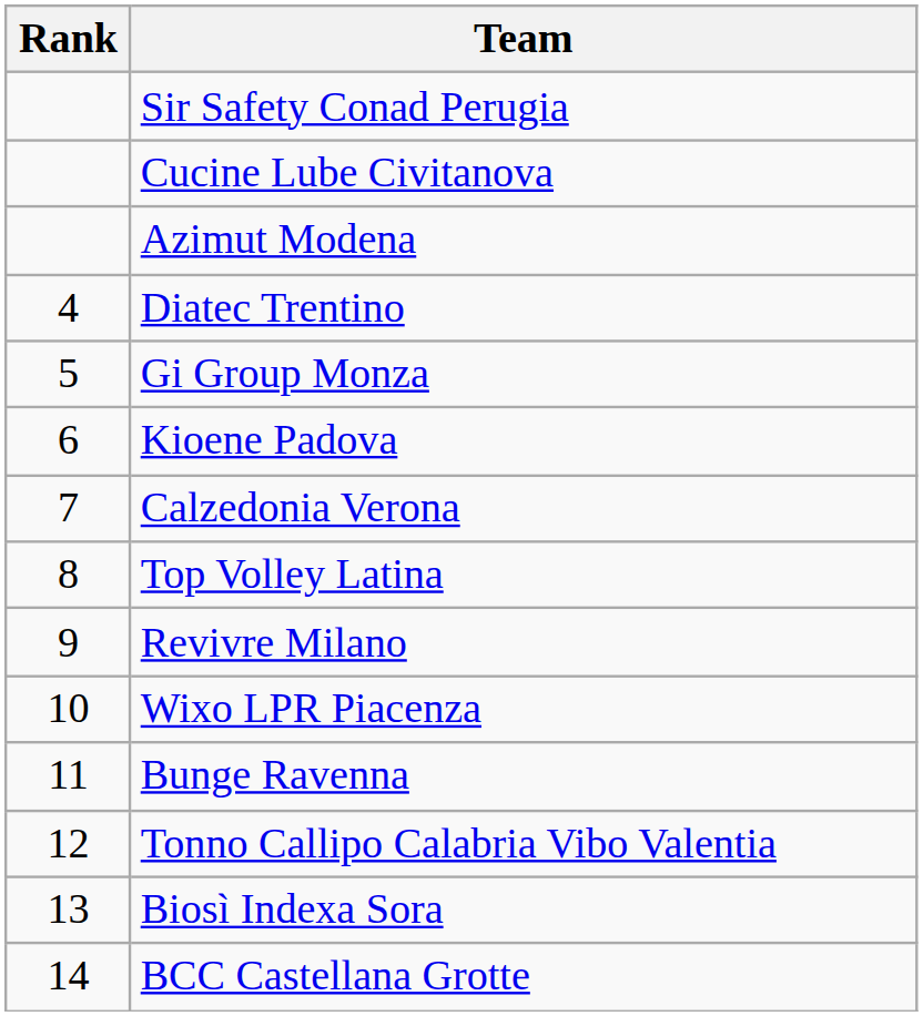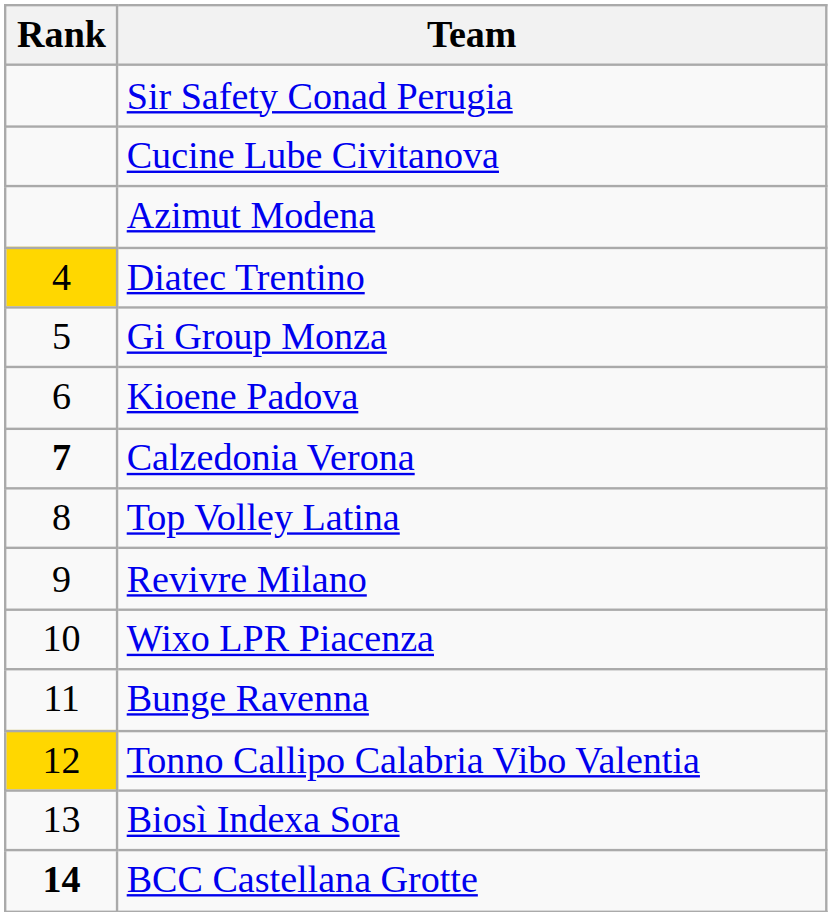 <table class="wikitable" style="text-align: center;">
 <tr>
 <th width=40>Rank</th>
 <th width=290>Team</th>
 </tr>
 <tr>
 <td></td>
 <td align=left><a href='#'>Sir Safety Conad Perugia</a></td>
 </tr>
 <tr>
 <td></td>
 <td align=left><a href='#'>Cucine Lube Civitanova</a></td>
 </tr>
 <tr>
 <td></td>
 <td align=left><a href='#'>Azimut Modena</a></td>
 </tr>
 <tr>
-<td>4</td>
+<td style="background: gold;">4</td>
 <td align=left><a href='#'>Diatec Trentino</a></td>
 </tr>
 <tr>
 <td>5</td>
 <td align=left><a href='#'>Gi Group Monza</a></td>
 </tr>
 <tr>
 <td>6</td>
 <td align=left><a href='#'>Kioene Padova</a></td>
 </tr>
 <tr>
-<td>7</td>
+<td><strong>7</strong></td>
 <td align=left><a href='#'>Calzedonia Verona</a></td>
 </tr>
 <tr>
 <td>8</td>
 <td align=left><a href='#'>Top Volley Latina</a></td>
 </tr>
 <tr>
 <td>9</td>
 <td align=left><a href='#'>Revivre Milano</a></td>
 </tr>
 <tr>
 <td>10</td>
 <td align=left><a href='#'>Wixo LPR Piacenza</a></td>
 </tr>
 <tr>
 <td>11</td>
 <td align=left><a href='#'>Bunge Ravenna</a></td>
 </tr>
 <tr>
-<td>12</td>
+<td style="background: gold;">12</td>
 <td align=left><a href='#'>Tonno Callipo Calabria Vibo Valentia</a></td>
 </tr>
 <tr>
 <td>13</td>
 <td align=left><a href='#'>Biosì Indexa Sora</a></td>
 </tr>
 <tr>
-<td>14</td>
+<td><strong>14</strong></td>
 <td align=left><a href='#'>BCC Castellana Grotte</a></td>
 </tr>
 <tr>
 </tr>
 </table>
